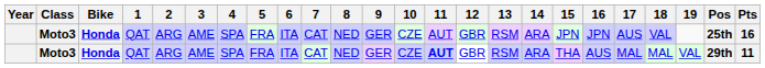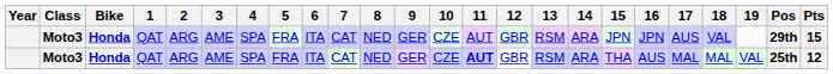 <table class="wikitable" style="text-align:center">
 <tr>
 <th>Year</th>
 <th>Class</th>
 <th>Bike</th>
 <th>1</th>
 <th>2</th>
 <th>3</th>
 <th>4</th>
 <th>5</th>
 <th>6</th>
 <th>7</th>
 <th>8</th>
 <th>9</th>
 <th>10</th>
 <th>11</th>
 <th>12</th>
 <th>13</th>
 <th>14</th>
 <th>15</th>
 <th>16</th>
 <th>17</th>
 <th>18</th>
 <th>19</th>
 <th>Pos</th>
 <th>Pts</th>
 </tr>
 <tr>
 <th></th>
 <th>Moto3</th>
 <th><a href='#'>Honda</a></th>
 <td style="background:#CFCFFF;"><a href='#'>QAT</a><br></td>
 <td style="background:#CFCFFF;"><a href='#'>ARG</a><br></td>
 <td style="background:#CFCFFF;"><a href='#'>AME</a><br></td>
 <td style="background:#CFCFFF;"><a href='#'>SPA</a><br></td>
 <td style="background:#dfffdf;"><a href='#'>FRA</a><br></td>
 <td style="background:#CFCFFF;"><a href='#'>ITA</a><br></td>
 <td style="background:#CFCFFF;"><a href='#'>CAT</a><br></td>
 <td style="background:#CFCFFF;"><a href='#'>NED</a><br></td>
 <td style="background:#CFCFFF;"><a href='#'>GER</a><br></td>
 <td style="background:#dfffdf;"><a href='#'>CZE</a><br></td>
 <td style="background:#EFCFFF;"><a href='#'>AUT</a><br></td>
 <td style="background:#dfffdf;"><a href='#'>GBR</a><br></td>
 <td style="background:#EFCFFF;"><a href='#'>RSM</a><br></td>
 <td style="background:#EFCFFF;"><a href='#'>ARA</a><br></td>
 <td style="background:#dfffdf;"><a href='#'>JPN</a><br></td>
 <td style="background:#CFCFFF;"><a href='#'>JPN</a><br></td>
 <td style="background:#CFCFFF;"><a href='#'>AUS</a><br></td>
 <td style="background:#CFCFFF;"><a href='#'>VAL</a><br></td>
 <td></td>
-<th>25th</th>
-<th>16</th>
+<th>29th</th>
+<th>15</th>
 </tr>
 <tr>
 <th></th>
 <th>Moto3</th>
 <th><a href='#'>Honda</a></th>
 <td style="background:#CFCFFF;"><a href='#'>QAT</a><br></td>
 <td style="background:#CFCFFF;"><a href='#'>ARG</a><br></td>
 <td style="background:#CFCFFF;"><a href='#'>AME</a><br></td>
 <td style="background:#CFCFFF;"><a href='#'>SPA</a><br></td>
 <td style="background:#CFCFFF;"><a href='#'>FRA</a><br></td>
 <td style="background:#CFCFFF;"><a href='#'>ITA</a><br></td>
 <td style="background:#DFFFDF;"><a href='#'>CAT</a><br></td>
 <td style="background:#CFCFFF;"><a href='#'>NED</a><br></td>
 <td style="background:#EFCFFF;"><a href='#'>GER</a><br></td>
 <td style="background:#CFCFFF;"><a href='#'>CZE</a><br></td>
 <td style="background:#CFCFFF;"><strong><a href='#'>AUT</a><br></strong></td>
 <td style="background:#FFFFFF;"><a href='#'>GBR</a><br></td>
 <td style="background:#CFCFFF;"><a href='#'>RSM</a><br></td>
 <td style="background:#CFCFFF;"><a href='#'>ARA</a><br></td>
 <td style="background:#EFCFFF;"><a href='#'>THA</a><br></td>
 <td style="background:#CFCFFF;"><a href='#'>AUS</a><br></td>
 <td style="background:#CFCFFF;"><a href='#'>MAL</a><br></td>
 <td style="background:#DFFFDF;"><a href='#'>MAL</a><br></td>
 <td style="background:#DFFFDF;"><a href='#'>VAL</a><br></td>
-<th>29th</th>
-<th>11</th>
+<th>25th</th>
+<th>12</th>
 </tr>
 </table>
